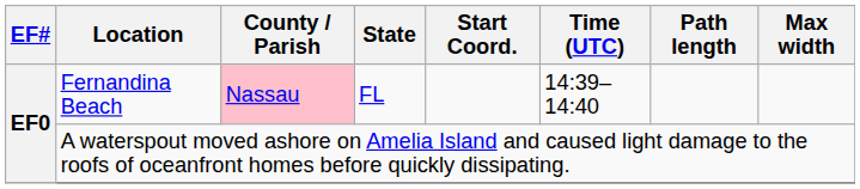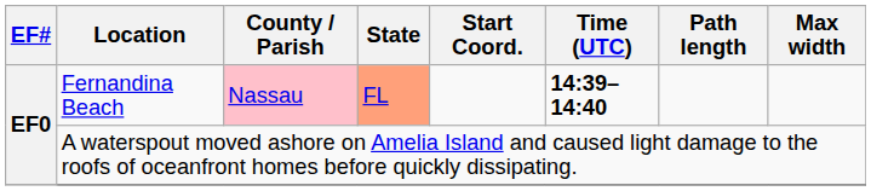 <table class="wikitable sortable" style="width:100%;">
 <tr>
 <th scope="col" width="2%" align="center"><a href='#'>EF#</a></th>
 <th scope="col" align="center" class="unsortable">Location</th>
 <th scope="col" align="center" class="unsortable">County / Parish</th>
 <th scope="col" align="center">State</th>
 <th scope="col" align="center">Start Coord.</th>
 <th scope="col" align="center">Time (<a href='#'>UTC</a>)</th>
 <th scope="col" align="center">Path length</th>
 <th scope="col" align="center">Max width</th>
 </tr>
 <tr>
 <th scope="row" rowspan="2" style="background-color:#">EF0</th>
 <td><a href='#'>Fernandina Beach</a></td>
 <td style="background: pink;"><a href='#'>Nassau</a></td>
-<td><a href='#'>FL</a></td>
+<td style="background: lightsalmon;"><a href='#'>FL</a></td>
 <td></td>
-<td>14:39–14:40</td>
+<td><strong>14:39–14:40</strong></td>
 <td></td>
 <td></td>
 </tr>
 <tr class="expand-child">
 <td colspan="8" style=" border-bottom: 1px solid black;">A waterspout moved ashore on <a href='#'>Amelia Island</a> and caused light damage to the roofs of oceanfront homes before quickly dissipating.</td>
 </tr>
 <tr>
 </tr>
 </table>
